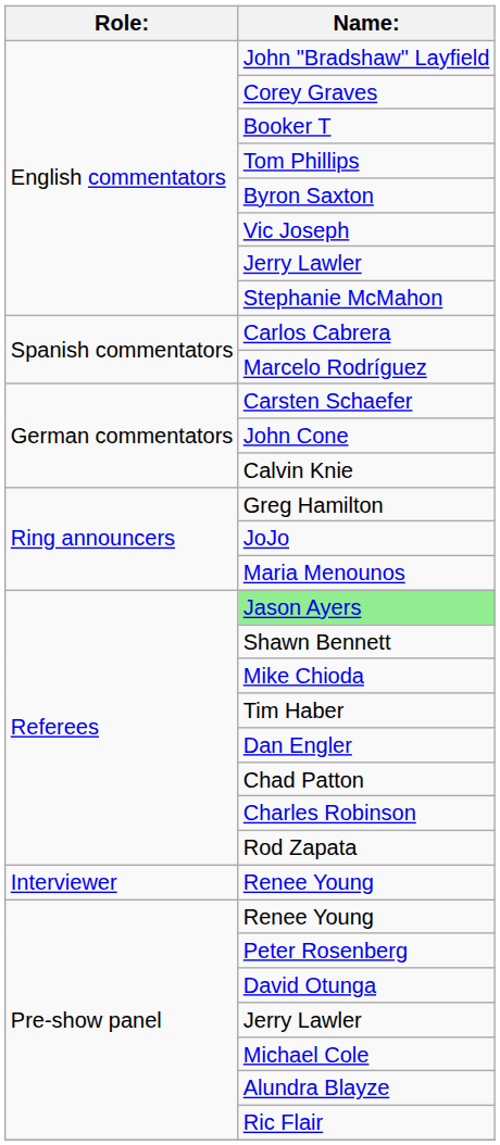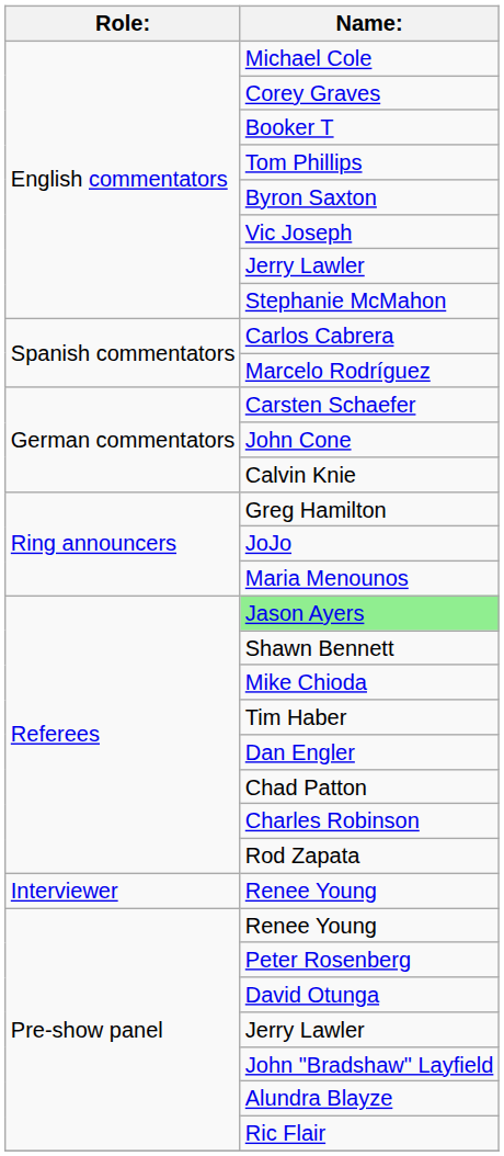 <table class=wikitable style="font-size:90%; margin: 0.5em 0 0.5em 1em; float: right; clear: right;">
 <tr>
 <th>Role:</th>
 <th>Name:</th>
 </tr>
 <tr>
 <td rowspan=8>English <a href='#'>commentators</a></td>
-<td><a href='#'>John "Bradshaw" Layfield</a></td>
+<td><a href='#'>Michael Cole</a> </td>
 </tr>
 <tr>
 <td><a href='#'>Corey Graves</a> </td>
 </tr>
 <tr>
 <td><a href='#'>Booker T</a> </td>
 </tr>
 <tr>
 <td><a href='#'>Tom Phillips</a> </td>
 </tr>
 <tr>
 <td><a href='#'>Byron Saxton</a><br></td>
 </tr>
 <tr>
 <td><a href='#'>Vic Joseph</a> </td>
 </tr>
 <tr>
 <td><a href='#'>Jerry Lawler</a> </td>
 </tr>
 <tr>
 <td><a href='#'>Stephanie McMahon</a> </td>
 </tr>
 <tr>
 <td rowspan=2>Spanish commentators</td>
 <td><a href='#'>Carlos Cabrera</a></td>
 </tr>
 <tr>
 <td><a href='#'>Marcelo Rodríguez</a></td>
 </tr>
 <tr>
 <td rowspan=3>German commentators</td>
 <td><a href='#'>Carsten Schaefer</a></td>
 </tr>
 <tr>
 <td><a href='#'>John Cone</a></td>
 </tr>
 <tr>
 <td>Calvin Knie</td>
 </tr>
 <tr>
 <td rowspan=3><a href='#'>Ring announcers</a></td>
 <td>Greg Hamilton </td>
 </tr>
 <tr>
 <td><a href='#'>JoJo</a> </td>
 </tr>
 <tr>
 <td><a href='#'>Maria Menounos</a> </td>
 </tr>
 <tr>
 <td rowspan=8><a href='#'>Referees</a></td>
 <td style="background: lightgreen;"><a href='#'>Jason Ayers</a></td>
 </tr>
 <tr>
 <td>Shawn Bennett</td>
 </tr>
 <tr>
 <td><a href='#'>Mike Chioda</a></td>
 </tr>
 <tr>
 <td>Tim Haber</td>
 </tr>
 <tr>
 <td><a href='#'>Dan Engler</a></td>
 </tr>
 <tr>
 <td>Chad Patton</td>
 </tr>
 <tr>
 <td><a href='#'>Charles Robinson</a></td>
 </tr>
 <tr>
 <td>Rod Zapata</td>
 </tr>
 <tr>
 <td rowspan=1><a href='#'>Interviewer</a></td>
 <td><a href='#'>Renee Young</a></td>
 </tr>
 <tr>
 <td rowspan=7>Pre-show panel</td>
 <td>Renee Young</td>
 </tr>
 <tr>
 <td><a href='#'>Peter Rosenberg</a></td>
 </tr>
 <tr>
 <td><a href='#'>David Otunga</a></td>
 </tr>
 <tr>
 <td>Jerry Lawler</td>
 </tr>
 <tr>
-<td><a href='#'>Michael Cole</a> </td>
+<td><a href='#'>John "Bradshaw" Layfield</a></td>
 </tr>
 <tr>
 <td><a href='#'>Alundra Blayze</a></td>
 </tr>
 <tr>
 <td><a href='#'>Ric Flair</a></td>
 </tr>
 <tr>
 </tr>
 </table>
